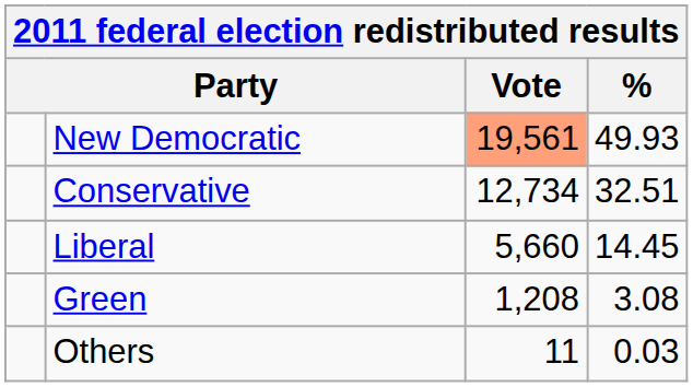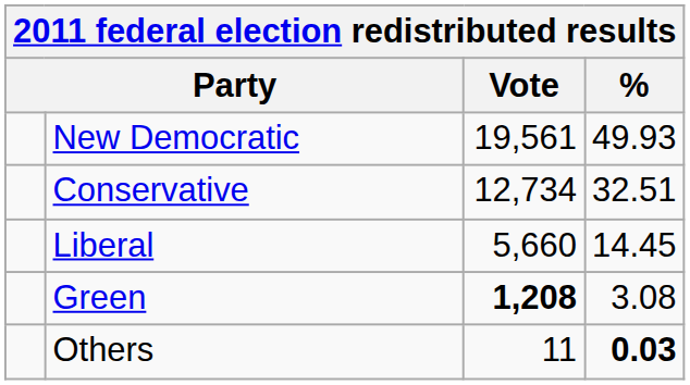 <table class="wikitable">
 <tr>
 <th colspan="4"><a href='#'>2011 federal election</a> redistributed results</th>
 </tr>
 <tr>
 <th bgcolor="#DDDDFF" width="130px" colspan="2">Party</th>
 <th bgcolor="#DDDDFF" width="50px">Vote</th>
 <th bgcolor="#DDDDFF" width="30px">%</th>
 </tr>
 <tr>
 <td> </td>
 <td><a href='#'>New Democratic</a></td>
-<td align=right style="background: lightsalmon;">19,561</td>
+<td align=right>19,561</td>
 <td align=right>49.93</td>
 </tr>
 <tr>
 <td> </td>
 <td><a href='#'>Conservative</a></td>
 <td align=right>12,734</td>
 <td align=right>32.51</td>
 </tr>
 <tr>
 <td> </td>
 <td><a href='#'>Liberal</a></td>
 <td align=right>5,660</td>
 <td align=right>14.45</td>
 </tr>
 <tr>
 <td> </td>
 <td><a href='#'>Green</a></td>
-<td align=right>1,208</td>
+<td align=right><strong>1,208</strong></td>
 <td align=right>3.08</td>
 </tr>
 <tr>
 <td> </td>
 <td>Others</td>
 <td align=right>11</td>
-<td align=right>0.03</td>
+<td align=right><strong>0.03</strong></td>
 </tr>
 </table>
